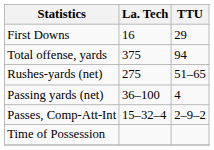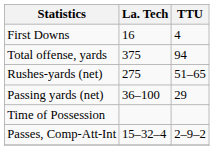 <table class="wikitable">
 <tr>
 <th>Statistics</th>
 <th>La. Tech</th>
 <th>TTU</th>
 </tr>
 <tr>
 <td>First Downs</td>
 <td>16</td>
-<td>29</td>
+<td>4</td>
 </tr>
 <tr>
 <td>Total offense, yards</td>
 <td>375</td>
 <td>94</td>
 </tr>
 <tr>
 <td>Rushes-yards (net)</td>
 <td>275</td>
 <td>51–65</td>
 </tr>
 <tr>
 <td>Passing yards (net)</td>
 <td>36–100</td>
-<td>4</td>
+<td>29</td>
+</tr>
+<tr>
+<td>Time of Possession</td>
+<td></td>
+<td></td>
 </tr>
 <tr>
 <td>Passes, Comp-Att-Int</td>
 <td>15–32–4</td>
 <td>2–9–2</td>
 </tr>
 <tr>
-<td>Time of Possession</td>
-<td></td>
-<td></td>
-</tr>
-<tr>
 </tr>
 </table>
